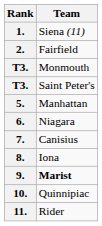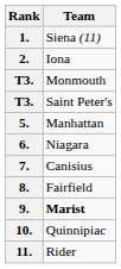 <table class="wikitable">
 <tr>
 <th>Rank</th>
 <th>Team </th>
 </tr>
 <tr>
 <th>1.</th>
 <td>Siena <em>(11)</em></td>
 </tr>
 <tr>
 <th>2.</th>
-<td>Fairfield</td>
+<td>Iona</td>
 </tr>
 <tr>
 <th>T3.</th>
 <td>Monmouth</td>
 </tr>
 <tr>
 <th>T3.</th>
 <td>Saint Peter's</td>
 </tr>
 <tr>
 <th>5.</th>
 <td>Manhattan</td>
 </tr>
 <tr>
 <th>6.</th>
 <td>Niagara</td>
 </tr>
 <tr>
 <th>7.</th>
 <td>Canisius</td>
 </tr>
 <tr>
 <th>8.</th>
-<td>Iona</td>
+<td>Fairfield</td>
 </tr>
 <tr>
 <th>9.</th>
 <td><strong>Marist</strong></td>
 </tr>
 <tr>
 <th>10.</th>
 <td>Quinnipiac</td>
 </tr>
 <tr>
 <th>11.</th>
 <td>Rider</td>
 </tr>
 </table>
